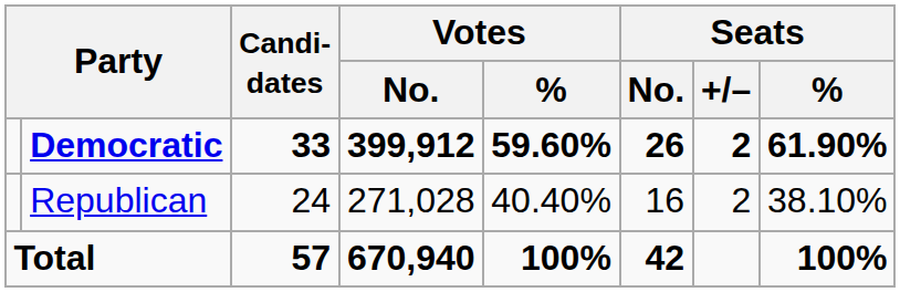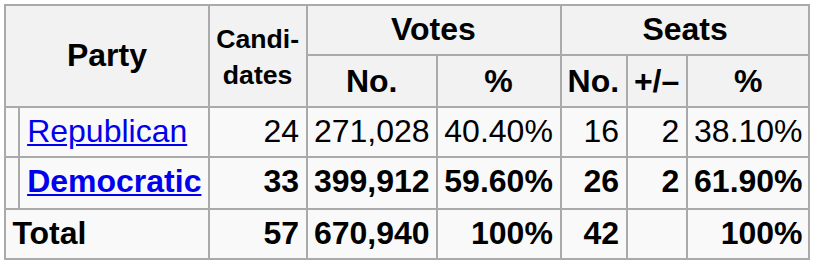 <table class="wikitable" style="font-size:100%; text-align:right;">
 <tr>
 <th colspan=2 rowspan=2>Party</th>
 <th rowspan=2><small>Candi-<br>dates</small></th>
 <th colspan=2>Votes</th>
 <th colspan=3>Seats</th>
 </tr>
 <tr>
 <th>No.</th>
 <th>%</th>
 <th>No.</th>
 <th>+/–</th>
 <th>%</th>
 </tr>
 <tr>
 <td style="background:"></td>
+<td align=left><a href='#'>Republican</a></td>
+<td>24</td>
+<td>271,028</td>
+<td>40.40%</td>
+<td>16</td>
+<td>2</td>
+<td>38.10%</td>
+</tr>
+<tr>
+<td style="background:"></td>
 <td align=left><strong><a href='#'>Democratic</a></strong></td>
 <td><strong>33</strong></td>
 <td><strong>399,912</strong></td>
 <td><strong>59.60%</strong></td>
 <td><strong>26</strong></td>
 <td><strong>2</strong></td>
 <td><strong>61.90%</strong></td>
-</tr>
-<tr>
-<td style="background:"></td>
-<td align=left><a href='#'>Republican</a></td>
-<td>24</td>
-<td>271,028</td>
-<td>40.40%</td>
-<td>16</td>
-<td>2</td>
-<td>38.10%</td>
 </tr>
 <tr style="font-weight:bold">
 <td colspan=2 align=left>Total</td>
 <td>57</td>
 <td>670,940</td>
 <td>100%</td>
 <td>42</td>
 <td></td>
 <td>100%</td>
 </tr>
 </table>
